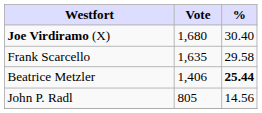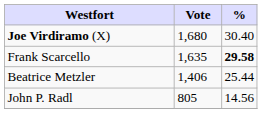 <table class="wikitable">
 <tr>
 <th style="background:#ddf; width:200px;">Westfort </th>
 <th style="background:#ddf; width:50px;">Vote</th>
 <th style="background:#ddf; width:30px;">%</th>
 </tr>
 <tr>
 <td><strong>Joe Virdiramo</strong> (X)</td>
 <td>1,680</td>
 <td>30.40</td>
 </tr>
 <tr>
 <td>Frank Scarcello</td>
 <td>1,635</td>
-<td>29.58</td>
+<td><strong>29.58</strong></td>
 </tr>
 <tr>
 <td>Beatrice Metzler</td>
 <td>1,406</td>
-<td><strong>25.44</strong></td>
+<td>25.44</td>
 </tr>
 <tr>
 <td>John P. Radl</td>
 <td>805</td>
 <td>14.56</td>
 </tr>
 <tr>
 </tr>
 </table>
